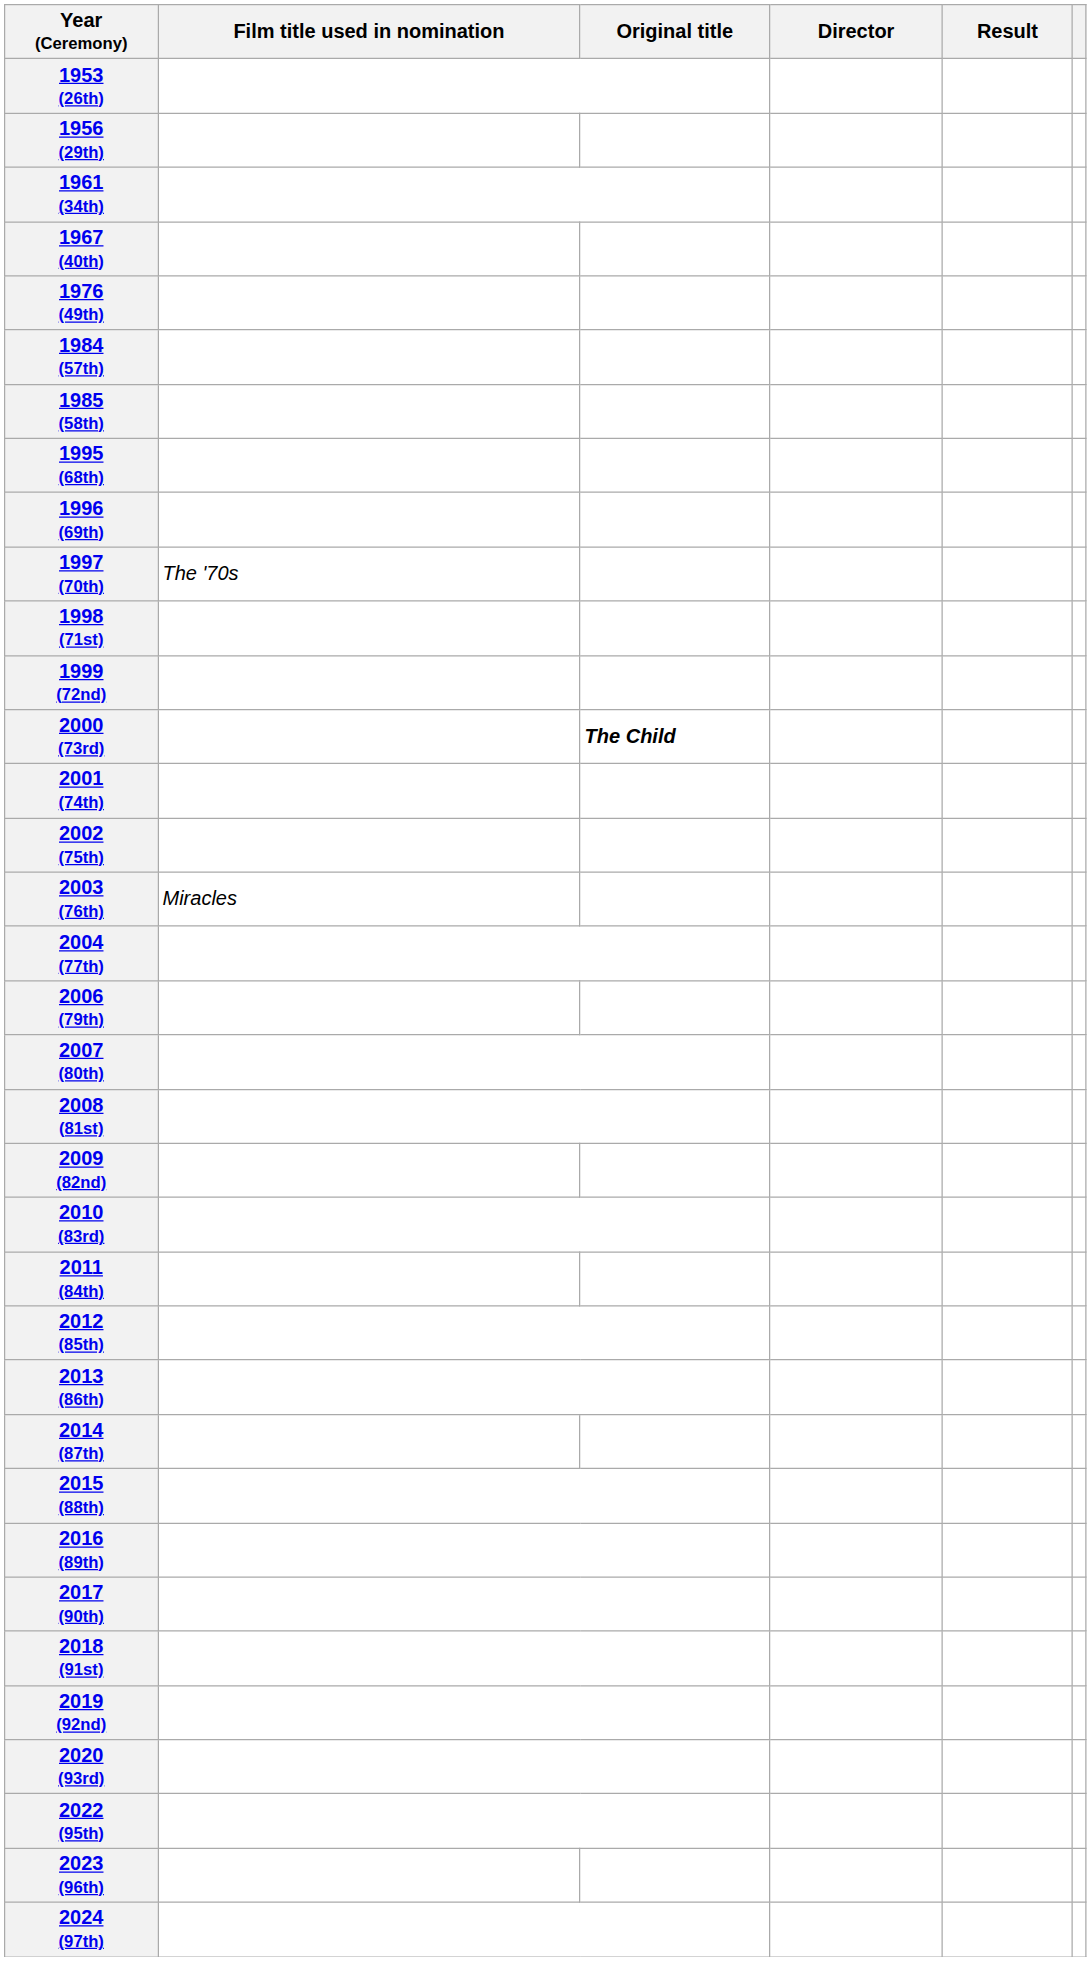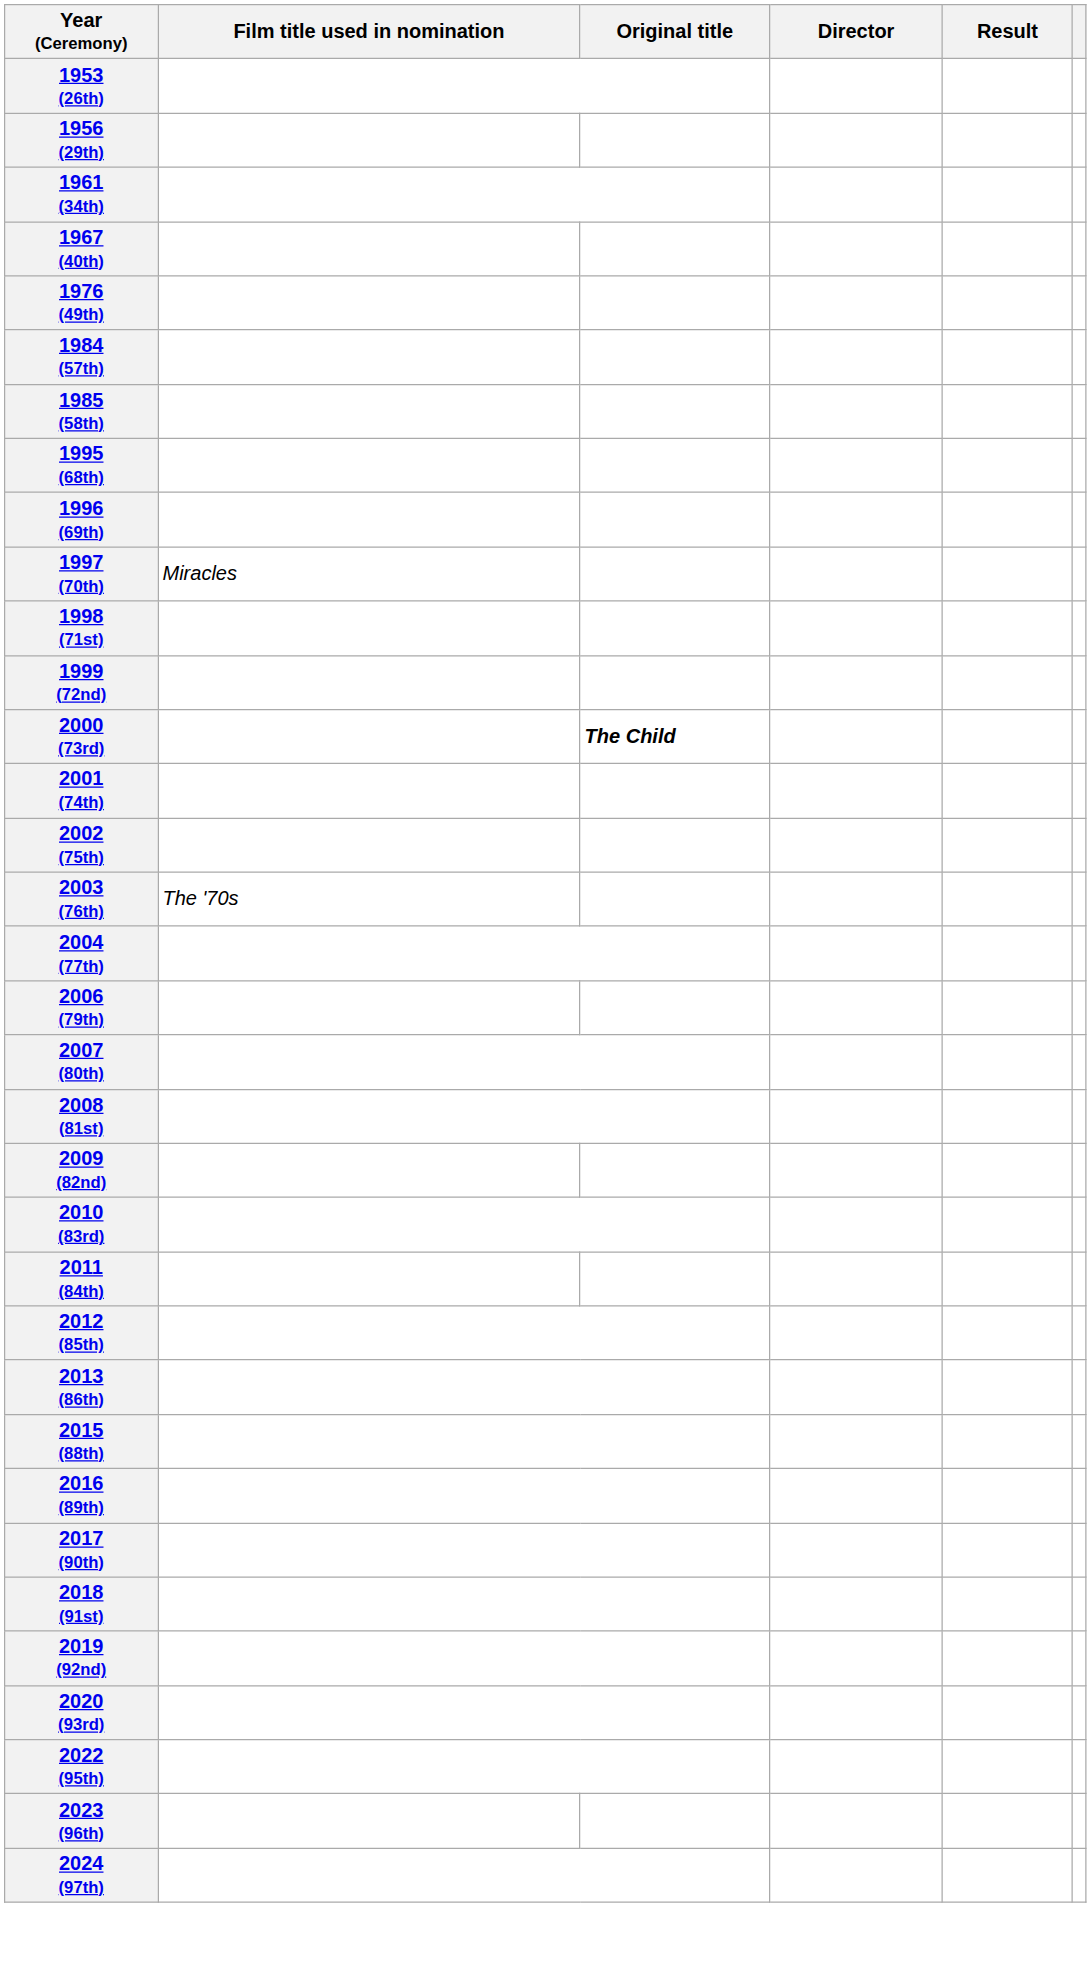 <table class="wikitable sortable plainrowheaders " width="98%" style="background:#ffffff;">
 <tr>
 <th scope="col">Year<br><small>(Ceremony)</small></th>
 <th scope="col">Film title used in nomination</th>
 <th scope="col">Original title</th>
 <th scope="col" width=16%>Director</th>
 <th scope="col" width=12%>Result</th>
 <th scope="col" class="unsortable"></th>
 </tr>
 <tr>
 <th scope="row" style="text-align:center"><strong><a href='#'>1953</a><br><small><a href='#'>(26th)</a></small></strong></th>
 <td colspan="2"></td>
 <td></td>
 <td></td>
 <td style="text-align:center;"></td>
 </tr>
 <tr>
 <th scope="row" style="text-align:center"><strong><a href='#'>1956</a><br><small><a href='#'>(29th)</a></small></strong></th>
 <td></td>
 <td></td>
 <td></td>
 <td></td>
 <td style="text-align:center;"></td>
 </tr>
 <tr>
 <th scope="row" style="text-align:center"><strong><a href='#'>1961</a><br><small><a href='#'>(34th)</a></small></strong></th>
 <td colspan="2"></td>
 <td></td>
 <td></td>
 <td style="text-align:center;"></td>
 </tr>
 <tr>
 <th scope="row" style="text-align:center"><strong><a href='#'>1967</a><br><small><a href='#'>(40th)</a></small></strong></th>
 <td></td>
 <td></td>
 <td></td>
 <td></td>
 <td style="text-align:center;"></td>
 </tr>
 <tr>
 <th scope="row" style="text-align:center"><strong><a href='#'>1976</a><br><small><a href='#'>(49th)</a></small></strong></th>
 <td></td>
 <td></td>
 <td></td>
 <td></td>
 <td style="text-align:center;"></td>
 </tr>
 <tr>
 <th scope="row" style="text-align:center"><strong><a href='#'>1984</a><br><small><a href='#'>(57th)</a></small></strong></th>
 <td></td>
 <td></td>
 <td></td>
 <td></td>
 <td style="text-align:center;"></td>
 </tr>
 <tr>
 <th scope="row" style="text-align:center"><strong><a href='#'>1985</a><br><small><a href='#'>(58th)</a></small></strong></th>
 <td></td>
 <td></td>
 <td></td>
 <td></td>
 <td style="text-align:center;"></td>
 </tr>
 <tr>
 <th scope="row" style="text-align:center"><strong><a href='#'>1995</a><br><small><a href='#'>(68th)</a></small></strong></th>
 <td></td>
 <td></td>
 <td></td>
 <td></td>
 <td style="text-align:center;"></td>
 </tr>
 <tr>
 <th scope="row" style="text-align:center"><strong><a href='#'>1996</a><br><small><a href='#'>(69th)</a></small></strong></th>
 <td></td>
 <td></td>
 <td></td>
 <td></td>
 <td style="text-align:center;"></td>
 </tr>
 <tr>
 <th scope="row" style="text-align:center"><strong><a href='#'>1997</a><br><small><a href='#'>(70th)</a></small></strong></th>
-<td><em>The '70s</em></td>
+<td><em>Miracles</em></td>
 <td></td>
 <td></td>
 <td></td>
 <td style="text-align:center;"></td>
 </tr>
 <tr>
 <th scope="row" style="text-align:center"><strong><a href='#'>1998</a><br><small><a href='#'>(71st)</a></small></strong></th>
 <td></td>
 <td></td>
 <td></td>
 <td></td>
 <td style="text-align:center;"></td>
 </tr>
 <tr>
 <th scope="row" style="text-align:center"><strong><a href='#'>1999</a><br><small><a href='#'>(72nd)</a></small></strong></th>
 <td></td>
 <td></td>
 <td></td>
 <td></td>
 <td style="text-align:center;"></td>
 </tr>
 <tr>
 <th scope="row" style="text-align:center"><strong><a href='#'>2000</a><br><small><a href='#'>(73rd)</a></small></strong></th>
 <td></td>
 <td><strong><em>The Child</em></strong></td>
 <td></td>
 <td></td>
 <td style="text-align:center;"></td>
 </tr>
 <tr>
 <th scope="row" style="text-align:center"><strong><a href='#'>2001</a><br><small><a href='#'>(74th)</a></small></strong></th>
 <td></td>
 <td></td>
 <td></td>
 <td></td>
 <td style="text-align:center;"></td>
 </tr>
 <tr>
 <th scope="row" style="text-align:center"><strong><a href='#'>2002</a><br><small><a href='#'>(75th)</a></small></strong></th>
 <td></td>
 <td></td>
 <td></td>
 <td></td>
 <td style="text-align:center;"></td>
 </tr>
 <tr>
 <th scope="row" style="text-align:center"><strong><a href='#'>2003</a><br><small><a href='#'>(76th)</a></small></strong></th>
-<td><em>Miracles</em></td>
+<td><em>The '70s</em></td>
 <td></td>
 <td></td>
 <td></td>
 <td style="text-align:center;"></td>
 </tr>
 <tr>
 <th scope="row" style="text-align:center"><strong><a href='#'>2004</a><br><small><a href='#'>(77th)</a></small></strong></th>
 <td colspan="2"></td>
 <td></td>
 <td></td>
 <td style="text-align:center;"></td>
 </tr>
 <tr>
 <th scope="row" style="text-align:center"><strong><a href='#'>2006</a><br><small><a href='#'>(79th)</a></small></strong></th>
 <td></td>
 <td></td>
 <td></td>
 <td></td>
 <td style="text-align:center;"></td>
 </tr>
 <tr>
 <th scope="row" style="text-align:center"><strong><a href='#'>2007</a><br><small><a href='#'>(80th)</a></small></strong></th>
 <td colspan="2"></td>
 <td></td>
 <td></td>
 <td style="text-align:center;"></td>
 </tr>
 <tr>
 <th scope="row" style="text-align:center"><strong><a href='#'>2008</a><br><small><a href='#'>(81st)</a></small></strong></th>
 <td colspan="2"></td>
 <td></td>
 <td></td>
 <td style="text-align:center;"></td>
 </tr>
 <tr>
 <th scope="row" style="text-align:center"><strong><a href='#'>2009</a><br><small><a href='#'>(82nd)</a></small></strong></th>
 <td></td>
 <td></td>
 <td></td>
 <td></td>
 <td style="text-align:center;"></td>
 </tr>
 <tr>
 <th scope="row" style="text-align:center"><strong><a href='#'>2010</a><br><small><a href='#'>(83rd)</a></small></strong></th>
 <td colspan="2"></td>
 <td></td>
 <td></td>
 <td style="text-align:center;"></td>
 </tr>
 <tr>
 <th scope="row" style="text-align:center"><strong><a href='#'>2011</a><br><small><a href='#'>(84th)</a></small></strong></th>
 <td></td>
 <td></td>
 <td></td>
 <td></td>
 <td style="text-align:center;"></td>
 </tr>
 <tr>
 <th scope="row" style="text-align:center"><strong><a href='#'>2012</a><br><small><a href='#'>(85th)</a></small></strong></th>
 <td colspan="2"></td>
 <td></td>
 <td></td>
 <td style="text-align:center;"></td>
 </tr>
 <tr>
 <th scope="row" style="text-align:center"><strong><a href='#'>2013</a><br><small><a href='#'>(86th)</a></small></strong></th>
 <td colspan="2"></td>
 <td></td>
 <td></td>
 <td style="text-align:center;"></td>
 </tr>
 <tr>
-<th scope="row" style="text-align:center"><strong><a href='#'>2014</a><br><small><a href='#'>(87th)</a></small></strong></th>
-<td></td>
-<td></td>
-<td></td>
-<td></td>
-<td style="text-align:center;"></td>
-</tr>
-<tr>
 <th scope="row" style="text-align:center"><strong><a href='#'>2015</a><br><small><a href='#'>(88th)</a></small></strong></th>
 <td colspan="2"></td>
 <td></td>
 <td></td>
 <td style="text-align:center;"></td>
 </tr>
 <tr>
 <th scope="row" style="text-align:center"><strong><a href='#'>2016</a><br><small><a href='#'>(89th)</a></small></strong></th>
 <td colspan="2"></td>
 <td></td>
 <td></td>
 <td style="text-align:center;"></td>
 </tr>
 <tr>
 <th scope="row" style="text-align:center"><strong><a href='#'>2017</a><br><small><a href='#'>(90th)</a></small></strong></th>
 <td colspan="2"></td>
 <td></td>
 <td></td>
 <td style="text-align:center;"></td>
 </tr>
 <tr>
 <th scope="row" style="text-align:center"><strong><a href='#'>2018</a><br><small><a href='#'>(91st)</a></small></strong></th>
 <td colspan="2"></td>
 <td></td>
 <td></td>
 <td style="text-align:center;"></td>
 </tr>
 <tr>
 <th scope="row" style="text-align:center"><strong><a href='#'>2019</a><br><small><a href='#'>(92nd)</a></small></strong></th>
 <td colspan="2"></td>
 <td></td>
 <td></td>
 <td style="text-align:center;"></td>
 </tr>
 <tr>
 <th scope="row" style="text-align:center"><strong><a href='#'>2020</a><br><small><a href='#'>(93rd)</a></small></strong></th>
 <td colspan="2"></td>
 <td></td>
 <td></td>
 <td style="text-align:center;"></td>
 </tr>
 <tr>
 <th scope="row" style="text-align:center"><strong><a href='#'>2022</a><br><small><a href='#'>(95th)</a></small></strong></th>
 <td colspan="2"></td>
 <td></td>
 <td></td>
 <td style="text-align:center;"></td>
 </tr>
 <tr>
 <th scope="row" style="text-align:center"><strong><a href='#'>2023</a><br><small><a href='#'>(96th)</a></small></strong></th>
 <td></td>
 <td></td>
 <td></td>
 <td></td>
 <td style="text-align:center;'"></td>
 </tr>
 <tr>
 <th scope="row" style="text-align:center"><strong><a href='#'>2024</a><br><small><a href='#'>(97th)</a></small></strong></th>
 <td colspan="2"></td>
 <td></td>
 <td></td>
 <td style="text-align:center;'"></td>
 </tr>
 </table>
